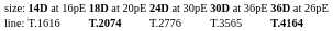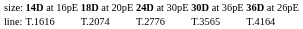 <table style="margin-left:40px;">
 <tr>
 <td>size:</td>
 <td><strong>14D</strong> at 16pE</td>
 <td><strong>18D</strong> at 20pE</td>
 <td><strong>24D</strong> at 30pE</td>
 <td><strong>30D</strong> at 36pE</td>
 <td><strong>36D</strong> at 26pE</td>
 </tr>
 <tr>
 <td>line:</td>
 <td>T.1616</td>
-<td><strong>T.2074</strong></td>
+<td>T.2074</td>
 <td>T.2776</td>
 <td>T.3565</td>
-<td><strong>T.4164</strong></td>
+<td>T.4164</td>
 </tr>
 </table>
